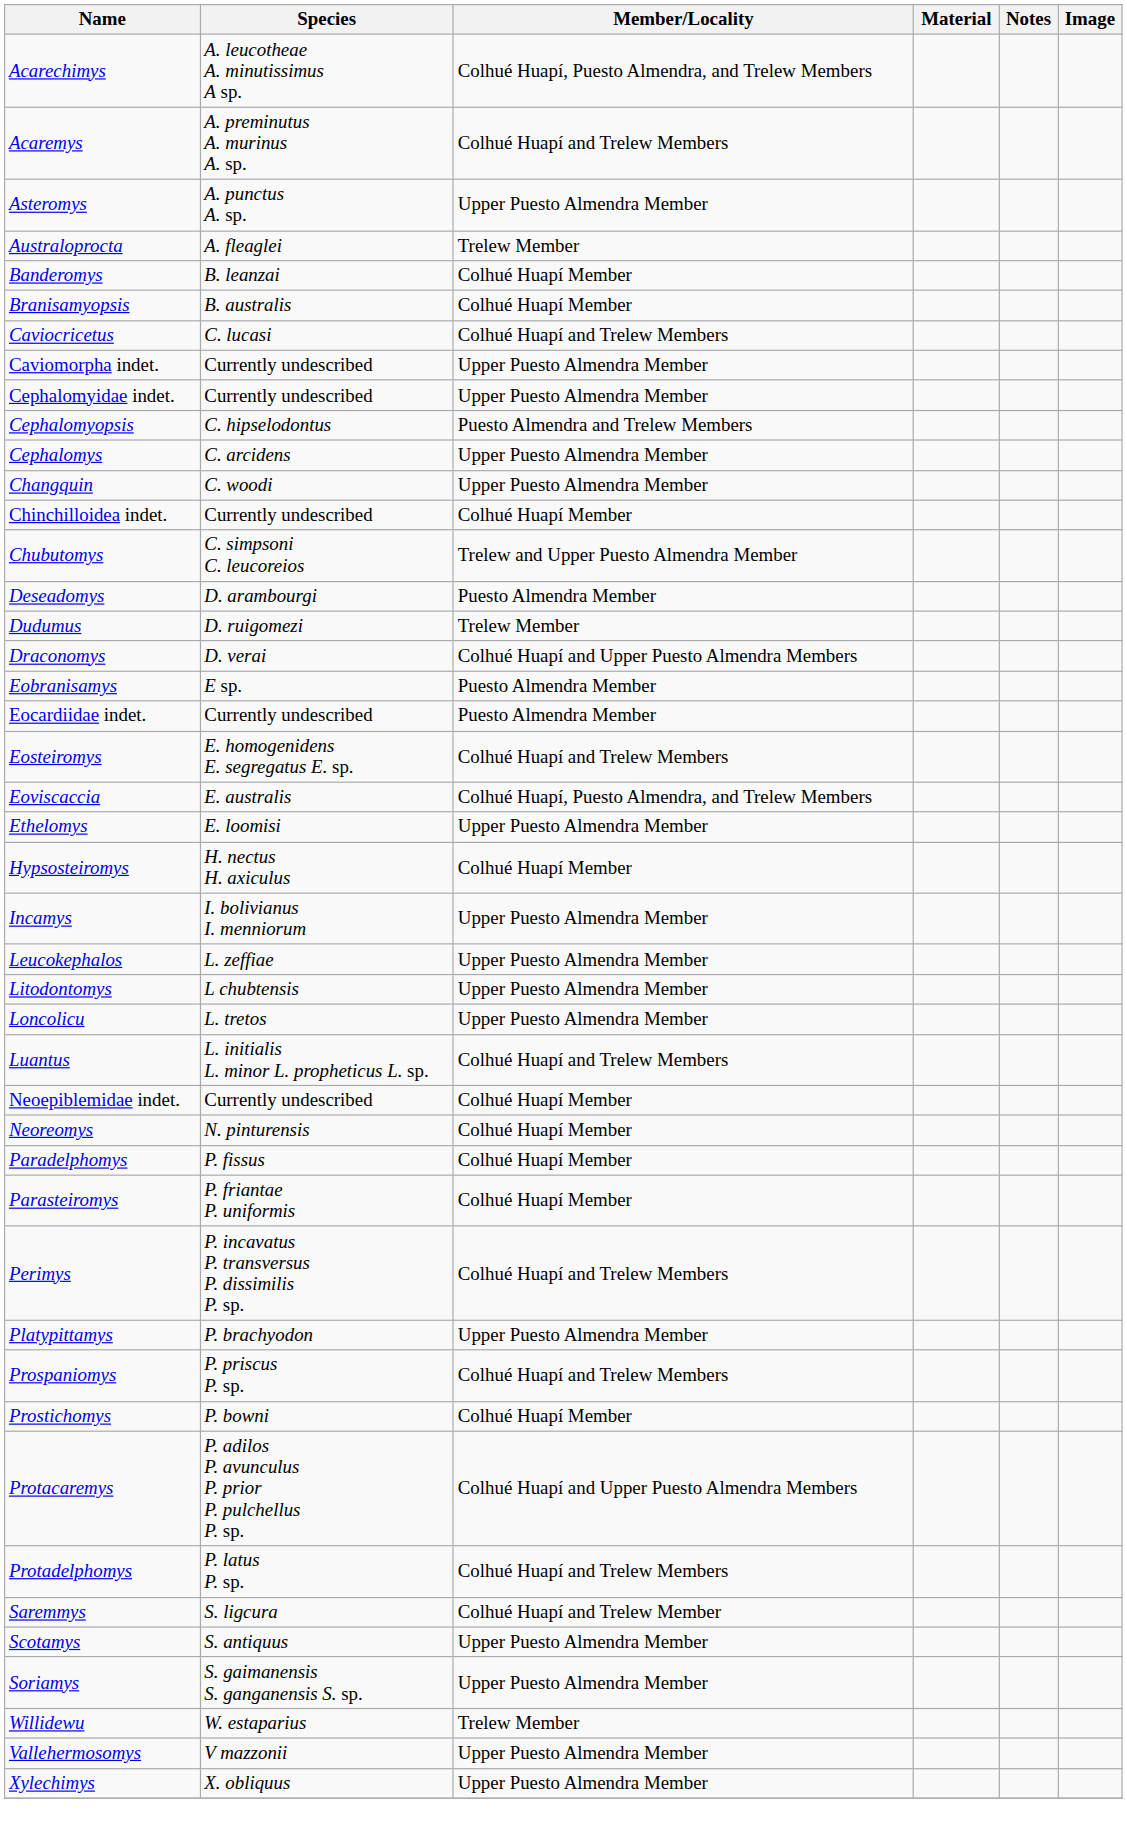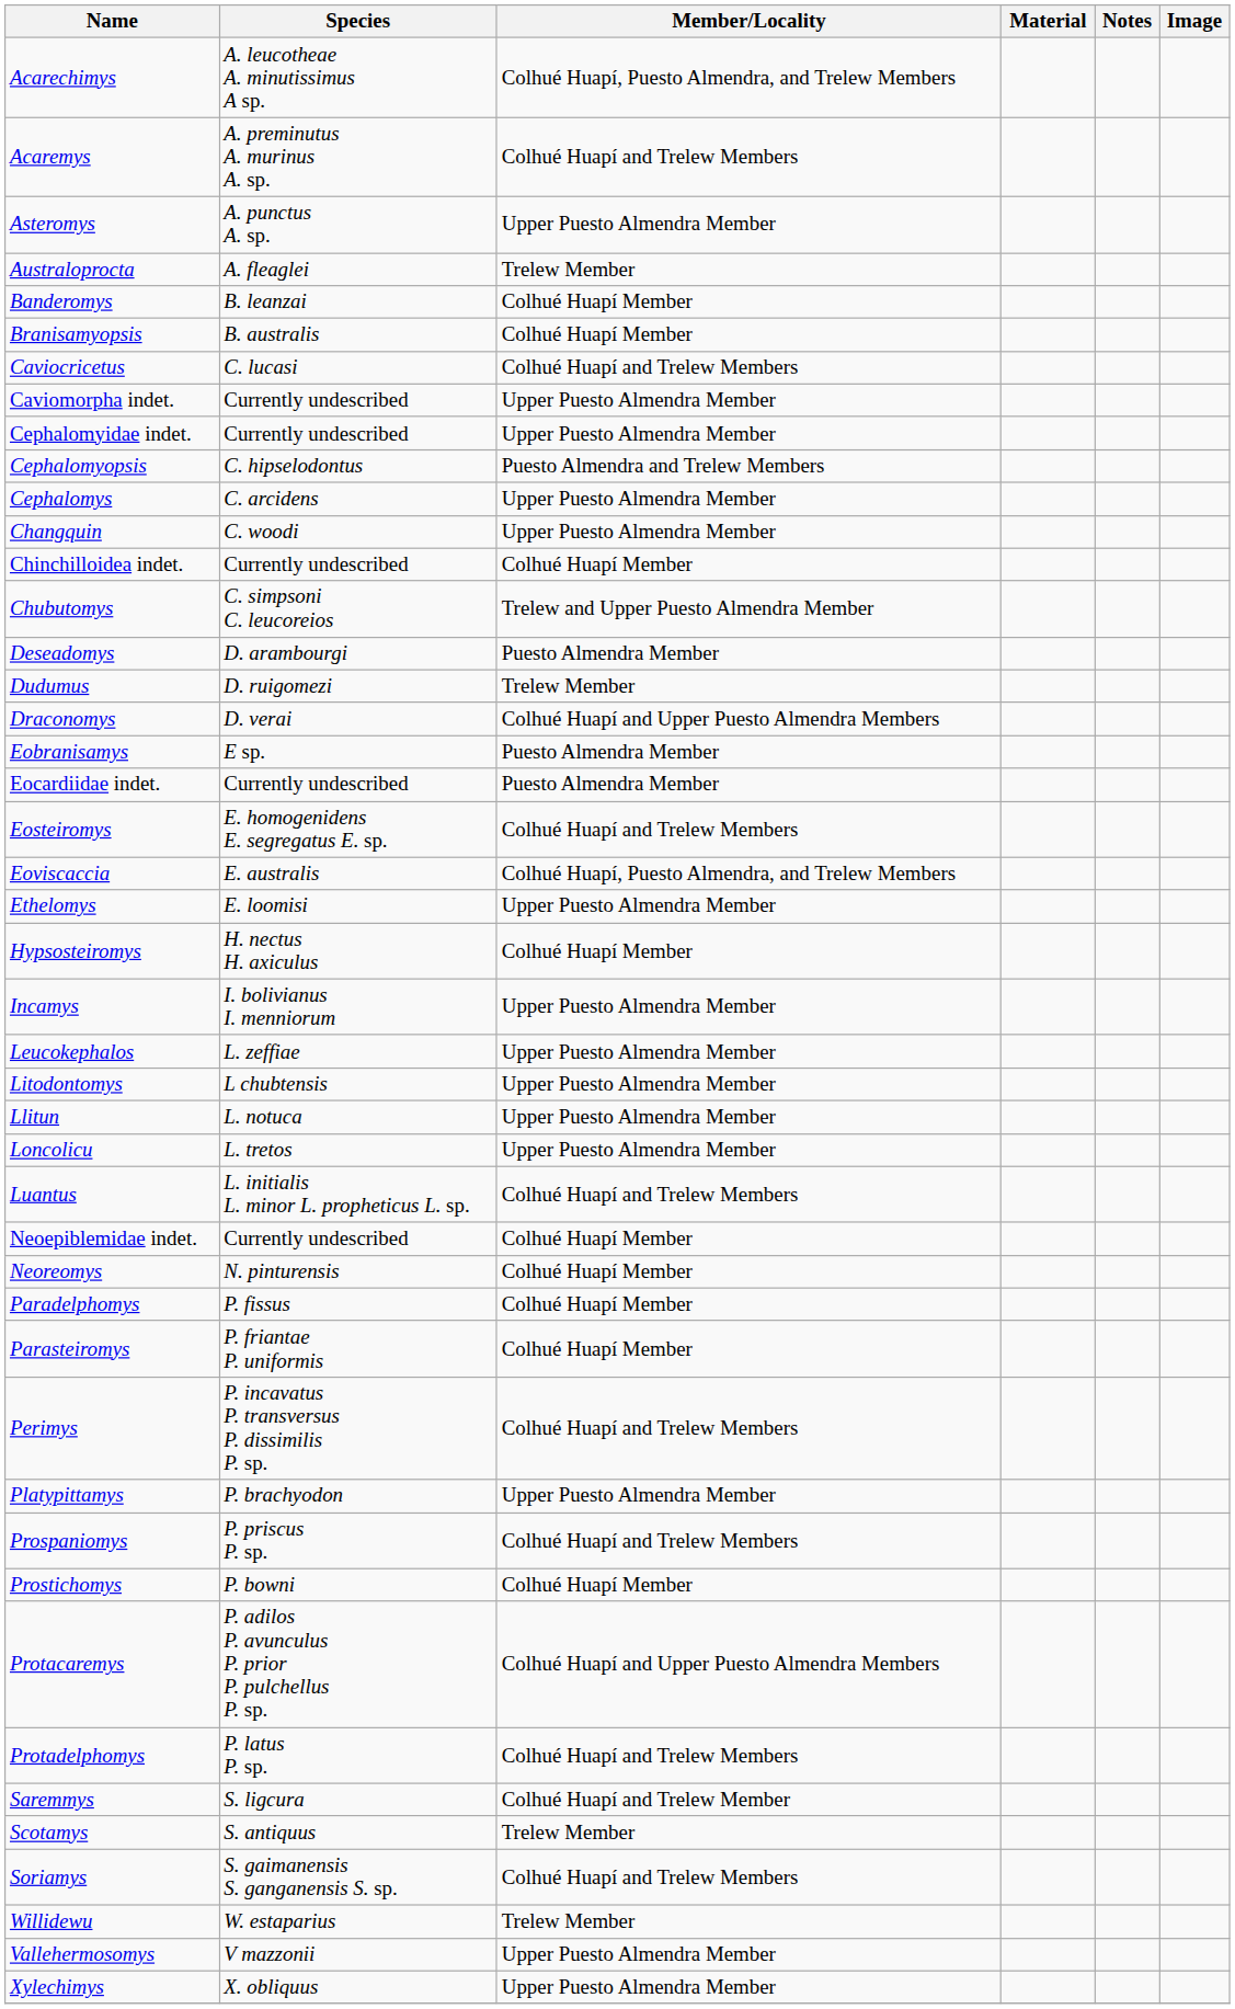 <table class="wikitable" align="center" width="75%">
 <tr>
 <th>Name</th>
 <th>Species</th>
 <th>Member/Locality</th>
 <th>Material</th>
 <th>Notes</th>
 <th>Image</th>
 </tr>
 <tr>
 <td><em><a href='#'>Acarechimys</a></em></td>
 <td><em>A. leucotheae</em><br><em>A. minutissimus</em><br><em>A</em> sp.</td>
 <td>Colhué Huapí, Puesto Almendra, and Trelew Members</td>
 <td></td>
 <td></td>
 <td></td>
 </tr>
 <tr>
 <td><em><a href='#'>Acaremys</a></em></td>
 <td><em>A. preminutus</em><br><em>A. murinus</em><br><em>A.</em> sp.</td>
 <td>Colhué Huapí and Trelew Members</td>
 <td></td>
 <td></td>
 <td></td>
 </tr>
 <tr>
 <td><em><a href='#'>Asteromys</a></em></td>
 <td><em>A. punctus</em><br><em>A.</em> sp.</td>
 <td>Upper Puesto Almendra Member</td>
 <td></td>
 <td></td>
 <td></td>
 </tr>
 <tr>
 <td><em><a href='#'>Australoprocta</a></em></td>
 <td><em>A. fleaglei</em></td>
 <td>Trelew Member</td>
 <td></td>
 <td></td>
 <td></td>
 </tr>
 <tr>
 <td><em><a href='#'>Banderomys</a></em></td>
 <td><em>B. leanzai</em></td>
 <td>Colhué Huapí Member</td>
 <td></td>
 <td></td>
 <td></td>
 </tr>
 <tr>
 <td><em><a href='#'>Branisamyopsis</a></em></td>
 <td><em>B. australis</em></td>
 <td>Colhué Huapí Member</td>
 <td></td>
 <td></td>
 <td></td>
 </tr>
 <tr>
 <td><em><a href='#'>Caviocricetus</a></em></td>
 <td><em>C. lucasi</em></td>
 <td>Colhué Huapí and Trelew Members</td>
 <td></td>
 <td></td>
 <td></td>
 </tr>
 <tr>
 <td><a href='#'>Caviomorpha</a> indet.</td>
 <td>Currently undescribed</td>
 <td>Upper Puesto Almendra Member</td>
 <td></td>
 <td></td>
 <td></td>
 </tr>
 <tr>
 <td><a href='#'>Cephalomyidae</a> indet.</td>
 <td>Currently undescribed</td>
 <td>Upper Puesto Almendra Member</td>
 <td></td>
 <td></td>
 <td></td>
 </tr>
 <tr>
 <td><em><a href='#'>Cephalomyopsis</a></em></td>
 <td><em>C. hipselodontus</em></td>
 <td>Puesto Almendra and Trelew Members</td>
 <td></td>
 <td></td>
 <td></td>
 </tr>
 <tr>
 <td><em><a href='#'>Cephalomys</a></em></td>
 <td><em>C. arcidens</em></td>
 <td>Upper Puesto Almendra Member</td>
 <td></td>
 <td></td>
 <td></td>
 </tr>
 <tr>
 <td><em><a href='#'>Changquin</a></em></td>
 <td><em>C. woodi</em></td>
 <td>Upper Puesto Almendra Member</td>
 <td></td>
 <td></td>
 <td></td>
 </tr>
 <tr>
 <td><a href='#'>Chinchilloidea</a> indet.</td>
 <td>Currently undescribed</td>
 <td>Colhué Huapí Member</td>
 <td></td>
 <td></td>
 <td></td>
 </tr>
 <tr>
 <td><em><a href='#'>Chubutomys</a></em></td>
 <td><em>C. simpsoni</em><br><em>C. leucoreios</em></td>
 <td>Trelew and Upper Puesto Almendra Member</td>
 <td></td>
 <td></td>
 <td></td>
 </tr>
 <tr>
 <td><em><a href='#'>Deseadomys</a></em></td>
 <td><em>D. arambourgi</em></td>
 <td>Puesto Almendra Member</td>
 <td></td>
 <td></td>
 <td></td>
 </tr>
 <tr>
 <td><em><a href='#'>Dudumus</a></em></td>
 <td><em>D. ruigomezi</em></td>
 <td>Trelew Member</td>
 <td></td>
 <td></td>
 <td></td>
 </tr>
 <tr>
 <td><em><a href='#'>Draconomys</a></em></td>
 <td><em>D. verai</em></td>
 <td>Colhué Huapí and Upper Puesto Almendra Members</td>
 <td></td>
 <td></td>
 <td></td>
 </tr>
 <tr>
 <td><em><a href='#'>Eobranisamys</a></em></td>
 <td><em>E</em> sp.</td>
 <td>Puesto Almendra Member</td>
 <td></td>
 <td></td>
 <td></td>
 </tr>
 <tr>
 <td><a href='#'>Eocardiidae</a> indet.</td>
 <td>Currently undescribed</td>
 <td>Puesto Almendra Member</td>
 <td></td>
 <td></td>
 <td></td>
 </tr>
 <tr>
 <td><em><a href='#'>Eosteiromys</a></em></td>
 <td><em>E. homogenidens</em><br><em>E. segregatus</em> <em>E.</em> sp.</td>
 <td>Colhué Huapí and Trelew Members</td>
 <td></td>
 <td></td>
 <td></td>
 </tr>
 <tr>
 <td><em><a href='#'>Eoviscaccia</a></em></td>
 <td><em>E. australis</em></td>
 <td>Colhué Huapí, Puesto Almendra, and Trelew Members</td>
 <td></td>
 <td></td>
 <td></td>
 </tr>
 <tr>
 <td><em><a href='#'>Ethelomys</a></em></td>
 <td><em>E. loomisi</em></td>
 <td>Upper Puesto Almendra Member</td>
 <td></td>
 <td></td>
 <td></td>
 </tr>
 <tr>
 <td><em><a href='#'>Hypsosteiromys</a></em></td>
 <td><em>H. nectus</em><br><em>H. axiculus</em></td>
 <td>Colhué Huapí Member</td>
 <td></td>
 <td></td>
 <td></td>
 </tr>
 <tr>
 <td><em><a href='#'>Incamys</a></em></td>
 <td><em>I. bolivianus</em><br><em>I. menniorum</em></td>
 <td>Upper Puesto Almendra Member</td>
 <td></td>
 <td></td>
 <td></td>
 </tr>
 <tr>
 <td><em><a href='#'>Leucokephalos</a></em></td>
 <td><em>L. zeffiae</em></td>
 <td>Upper Puesto Almendra Member</td>
 <td></td>
 <td></td>
 <td></td>
 </tr>
 <tr>
 <td><em><a href='#'>Litodontomys</a></em></td>
 <td><em>L chubtensis</em></td>
 <td>Upper Puesto Almendra Member</td>
 <td></td>
 <td></td>
 <td></td>
 </tr>
 <tr>
+<td><em><a href='#'>Llitun</a></em></td>
+<td><em>L. notuca</em></td>
+<td>Upper Puesto Almendra Member</td>
+<td></td>
+<td></td>
+<td></td>
+</tr>
+<tr>
 <td><em><a href='#'>Loncolicu</a></em></td>
 <td><em>L. tretos</em></td>
 <td>Upper Puesto Almendra Member</td>
 <td></td>
 <td></td>
 <td></td>
 </tr>
 <tr>
 <td><em><a href='#'>Luantus</a></em></td>
 <td><em>L. initialis</em><br><em>L. minor</em> <em>L. propheticus</em> <em>L.</em> sp.</td>
 <td>Colhué Huapí and Trelew Members</td>
 <td></td>
 <td></td>
 <td></td>
 </tr>
 <tr>
 <td><a href='#'>Neoepiblemidae</a> indet.</td>
 <td>Currently undescribed</td>
 <td>Colhué Huapí Member</td>
 <td></td>
 <td></td>
 <td></td>
 </tr>
 <tr>
 <td><em><a href='#'>Neoreomys</a></em></td>
 <td><em>N. pinturensis</em></td>
 <td>Colhué Huapí Member</td>
 <td></td>
 <td></td>
 <td></td>
 </tr>
 <tr>
 <td><em><a href='#'>Paradelphomys</a></em></td>
 <td><em>P. fissus</em></td>
 <td>Colhué Huapí Member</td>
 <td></td>
 <td></td>
 <td></td>
 </tr>
 <tr>
 <td><em><a href='#'>Parasteiromys</a></em></td>
 <td><em>P. friantae</em><br><em>P. uniformis</em></td>
 <td>Colhué Huapí Member</td>
 <td></td>
 <td></td>
 <td></td>
 </tr>
 <tr>
 <td><em><a href='#'>Perimys</a></em></td>
 <td><em>P. incavatus</em><br><em>P. transversus</em><br><em>P. dissimilis</em><br><em>P.</em> sp.</td>
 <td>Colhué Huapí and Trelew Members</td>
 <td></td>
 <td></td>
 <td></td>
 </tr>
 <tr>
 <td><em><a href='#'>Platypittamys</a></em></td>
 <td><em>P. brachyodon</em></td>
 <td>Upper Puesto Almendra Member</td>
 <td></td>
 <td></td>
 <td></td>
 </tr>
 <tr>
 <td><em><a href='#'>Prospaniomys</a></em></td>
 <td><em>P. priscus</em><br><em>P.</em> sp.</td>
 <td>Colhué Huapí and Trelew Members</td>
 <td></td>
 <td></td>
 <td></td>
 </tr>
 <tr>
 <td><em><a href='#'>Prostichomys</a></em></td>
 <td><em>P. bowni</em></td>
 <td>Colhué Huapí Member</td>
 <td></td>
 <td></td>
 <td></td>
 </tr>
 <tr>
 <td><em><a href='#'>Protacaremys</a></em></td>
 <td><em>P. adilos</em><br><em>P. avunculus</em><br><em>P. prior </em><br><em>P. pulchellus</em><br><em>P.</em> sp.</td>
 <td>Colhué Huapí and Upper Puesto Almendra Members</td>
 <td></td>
 <td></td>
 <td></td>
 </tr>
 <tr>
 <td><em><a href='#'>Protadelphomys</a></em></td>
 <td><em>P. latus</em><br><em>P.</em> sp.</td>
 <td>Colhué Huapí and Trelew Members</td>
 <td></td>
 <td></td>
 <td></td>
 </tr>
 <tr>
 <td><em><a href='#'>Saremmys</a></em></td>
 <td><em>S. ligcura</em></td>
 <td>Colhué Huapí and Trelew Member</td>
 <td></td>
 <td></td>
 <td></td>
 </tr>
 <tr>
 <td><em><a href='#'>Scotamys</a></em></td>
 <td><em>S. antiquus</em></td>
-<td>Upper Puesto Almendra Member</td>
+<td>Trelew Member</td>
 <td></td>
 <td></td>
 <td></td>
 </tr>
 <tr>
 <td><em><a href='#'>Soriamys</a></em></td>
 <td><em>S. gaimanensis</em><br><em>S. ganganensis</em> <em>S.</em> sp.</td>
-<td>Upper Puesto Almendra Member</td>
+<td>Colhué Huapí and Trelew Members</td>
 <td></td>
 <td></td>
 <td></td>
 </tr>
 <tr>
 <td><em><a href='#'>Willidewu</a></em></td>
 <td><em>W. estaparius</em></td>
 <td>Trelew Member</td>
 <td></td>
 <td></td>
 <td></td>
 </tr>
 <tr>
 <td><em><a href='#'>Vallehermosomys</a></em></td>
 <td><em>V mazzonii</em></td>
 <td>Upper Puesto Almendra Member</td>
 <td></td>
 <td></td>
 <td></td>
 </tr>
 <tr>
 <td><em><a href='#'>Xylechimys</a></em></td>
 <td><em>X. obliquus</em></td>
 <td>Upper Puesto Almendra Member</td>
 <td></td>
 <td></td>
 <td></td>
 </tr>
 <tr>
 </tr>
 </table>
